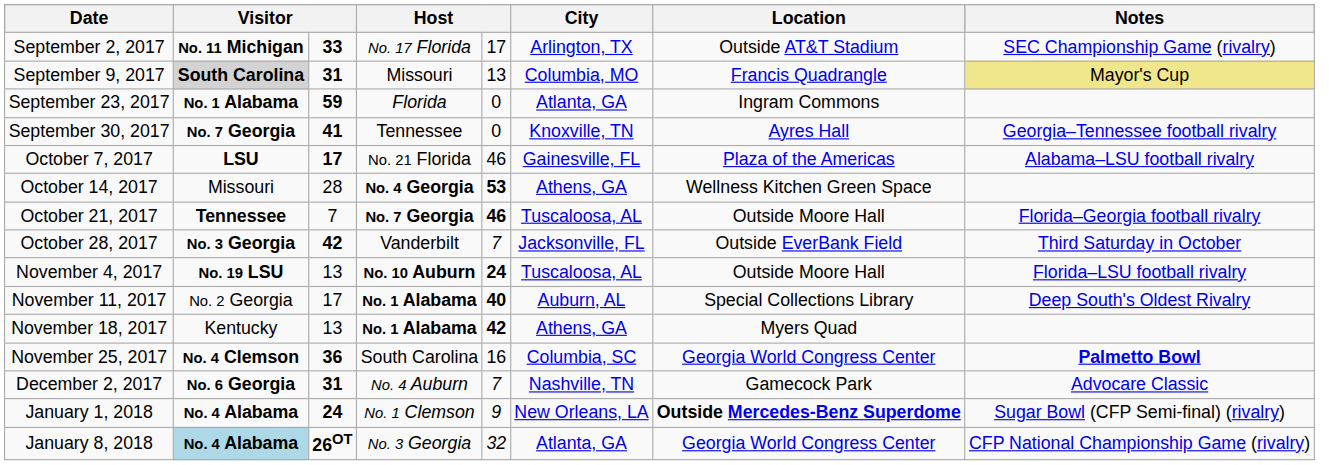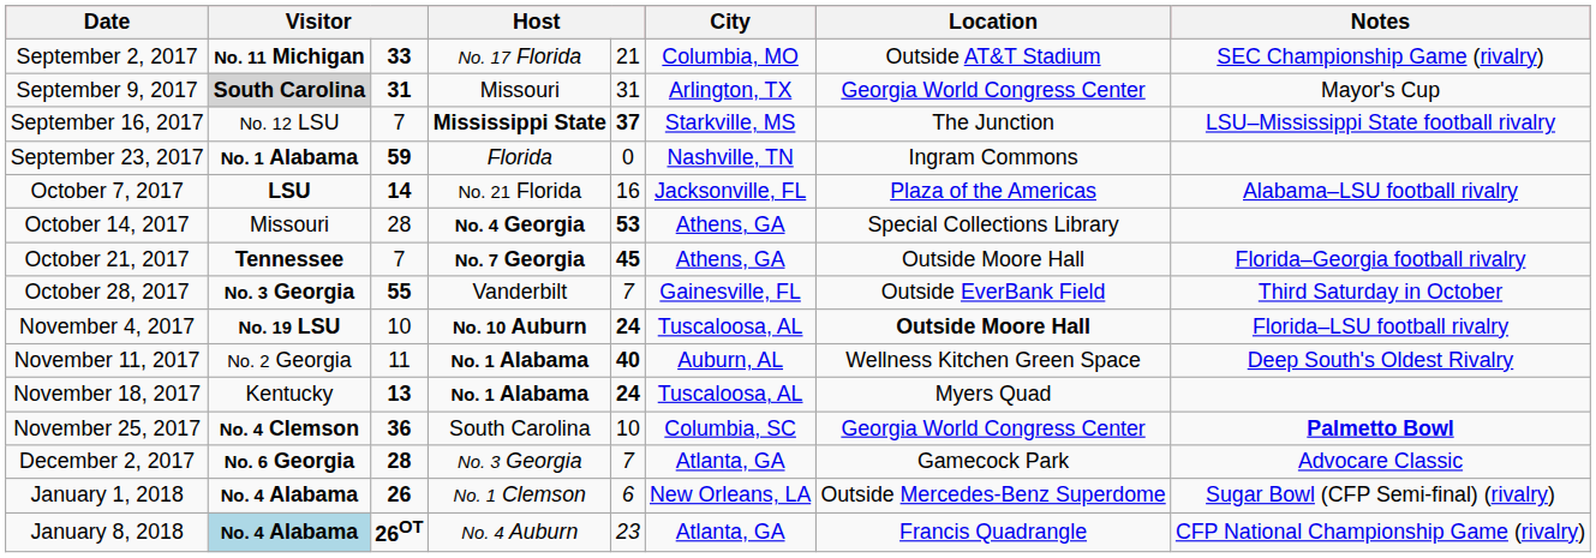 <table class="wikitable" style="text-align:center">
 <tr style="background:#A32638;"|>
 <th>Date</th>
 <th colspan=2>Visitor</th>
 <th colspan=2>Host</th>
 <th>City</th>
 <th>Location</th>
 <th>Notes</th>
 </tr>
 <tr>
 <td>September 2, 2017</td>
 <td><strong><small>No. 11</small> Michigan</strong></td>
 <td><strong>33</strong></td>
 <td><em><small>No. 17</small> Florida</em></td>
-<td>17</td>
-<td><a href='#'>Arlington, TX</a></td>
+<td>21</td>
+<td><a href='#'>Columbia, MO</a></td>
 <td>Outside <a href='#'>AT&T Stadium</a></td>
 <td><a href='#'>SEC Championship Game</a> (<a href='#'>rivalry</a>)</td>
 </tr>
 <tr>
 <td>September 9, 2017</td>
 <td style="background: lightgrey;"><strong>South Carolina</strong></td>
 <td><strong>31</strong></td>
 <td>Missouri</td>
-<td>13</td>
-<td><a href='#'>Columbia, MO</a></td>
-<td><a href='#'>Francis Quadrangle</a></td>
-<td style="background: khaki;">Mayor's Cup</td>
+<td>31</td>
+<td><a href='#'>Arlington, TX</a></td>
+<td><a href='#'>Georgia World Congress Center</a></td>
+<td>Mayor's Cup</td>
+</tr>
+<tr>
+<td>September 16, 2017</td>
+<td><small>No. 12</small> LSU</td>
+<td>7</td>
+<td><strong>Mississippi State</strong></td>
+<td><strong>37</strong></td>
+<td><a href='#'>Starkville, MS</a></td>
+<td>The Junction</td>
+<td><a href='#'>LSU–Mississippi State football rivalry</a></td>
 </tr>
 <tr>
 <td>September 23, 2017</td>
 <td><strong><small>No. 1</small> Alabama</strong></td>
 <td><strong>59</strong></td>
 <td><em>Florida</em></td>
 <td>0</td>
-<td><a href='#'>Atlanta, GA</a></td>
+<td><a href='#'>Nashville, TN</a></td>
 <td>Ingram Commons</td>
 <td></td>
 </tr>
 <tr>
-<td>September 30, 2017</td>
-<td><strong><small>No. 7</small> Georgia</strong></td>
-<td><strong>41</strong></td>
-<td>Tennessee</td>
-<td>0</td>
-<td><a href='#'>Knoxville, TN</a></td>
-<td><a href='#'>Ayres Hall</a></td>
-<td><a href='#'>Georgia–Tennessee football rivalry</a></td>
-</tr>
-<tr>
 <td>October 7, 2017</td>
 <td><strong>LSU</strong></td>
-<td><strong>17</strong></td>
+<td><strong>14</strong></td>
 <td><small>No. 21</small> Florida</td>
-<td>46</td>
-<td><a href='#'>Gainesville, FL</a></td>
+<td>16</td>
+<td><a href='#'>Jacksonville, FL</a></td>
 <td><a href='#'>Plaza of the Americas</a></td>
 <td><a href='#'>Alabama–LSU football rivalry</a></td>
 </tr>
 <tr>
 <td>October 14, 2017</td>
 <td>Missouri</td>
 <td>28</td>
 <td><strong><small>No. 4</small> Georgia</strong></td>
 <td><strong>53</strong></td>
 <td><a href='#'>Athens, GA</a></td>
-<td>Wellness Kitchen Green Space</td>
+<td>Special Collections Library</td>
 <td></td>
 </tr>
 <tr>
 <td>October 21, 2017</td>
 <td><strong>Tennessee</strong></td>
 <td>7</td>
 <td><strong><small>No. 7</small> Georgia</strong></td>
-<td><strong>46</strong></td>
-<td><a href='#'>Tuscaloosa, AL</a></td>
+<td><strong>45</strong></td>
+<td><a href='#'>Athens, GA</a></td>
 <td>Outside Moore Hall</td>
 <td><a href='#'>Florida–Georgia football rivalry</a></td>
 </tr>
 <tr>
 <td>October 28, 2017</td>
 <td><strong><small>No. 3</small> Georgia</strong></td>
-<td><strong>42</strong></td>
+<td><strong>55</strong></td>
 <td>Vanderbilt</td>
 <td><em>7</em></td>
-<td><a href='#'>Jacksonville, FL</a></td>
+<td><a href='#'>Gainesville, FL</a></td>
 <td>Outside <a href='#'>EverBank Field</a></td>
 <td><a href='#'>Third Saturday in October</a></td>
 </tr>
 <tr>
 <td>November 4, 2017</td>
 <td><strong><small>No. 19</small> LSU</strong></td>
-<td>13</td>
+<td>10</td>
 <td><strong><small>No. 10</small> Auburn</strong></td>
 <td><strong>24</strong></td>
 <td><a href='#'>Tuscaloosa, AL</a></td>
-<td>Outside Moore Hall</td>
+<td><strong>Outside Moore Hall</strong></td>
 <td><a href='#'>Florida–LSU football rivalry</a></td>
 </tr>
 <tr>
 <td>November 11, 2017</td>
 <td><small>No. 2</small> Georgia</td>
-<td>17</td>
+<td>11</td>
 <td><strong><small>No. 1</small> Alabama</strong></td>
 <td><strong>40</strong></td>
 <td><a href='#'>Auburn, AL</a></td>
-<td>Special Collections Library</td>
+<td>Wellness Kitchen Green Space</td>
 <td><a href='#'>Deep South's Oldest Rivalry</a></td>
 </tr>
 <tr>
 <td>November 18, 2017</td>
 <td>Kentucky</td>
-<td>13</td>
+<td><strong>13</strong></td>
 <td><strong><small>No. 1</small> Alabama</strong></td>
-<td><strong>42</strong></td>
-<td><a href='#'>Athens, GA</a></td>
+<td><strong>24</strong></td>
+<td><a href='#'>Tuscaloosa, AL</a></td>
 <td>Myers Quad</td>
 <td></td>
 </tr>
 <tr>
 <td>November 25, 2017</td>
 <td><strong><small>No. 4</small> Clemson</strong></td>
 <td><strong>36</strong></td>
 <td>South Carolina</td>
-<td>16</td>
+<td>10</td>
 <td><a href='#'>Columbia, SC</a></td>
 <td><a href='#'>Georgia World Congress Center</a></td>
 <td><strong><a href='#'>Palmetto Bowl</a></strong></td>
 </tr>
 <tr>
 <td>December 2, 2017</td>
 <td><strong><small>No. 6</small> Georgia</strong></td>
-<td><strong>31</strong></td>
-<td><em><small>No. 4</small> Auburn</em></td>
+<td><strong>28</strong></td>
+<td><em><small>No. 3</small> Georgia</em></td>
 <td><em>7</em></td>
-<td><a href='#'>Nashville, TN</a></td>
+<td><a href='#'>Atlanta, GA</a></td>
 <td>Gamecock Park</td>
 <td><a href='#'>Advocare Classic</a></td>
 </tr>
 <tr>
 <td>January 1, 2018</td>
 <td><strong><small>No. 4</small> Alabama</strong></td>
-<td><strong>24</strong></td>
+<td><strong>26</strong></td>
 <td><em><small>No. 1</small> Clemson</em></td>
-<td><em>9</em></td>
+<td><em>6</em></td>
 <td><a href='#'>New Orleans, LA</a></td>
-<td><strong>Outside <a href='#'>Mercedes-Benz Superdome</a></strong></td>
+<td>Outside <a href='#'>Mercedes-Benz Superdome</a></td>
 <td><a href='#'>Sugar Bowl</a> (CFP Semi-final) (<a href='#'>rivalry</a>)</td>
 </tr>
 <tr>
 <td>January 8, 2018</td>
 <td style="background: lightblue;"><strong><small>No. 4</small> Alabama</strong></td>
 <td><strong>26<sup>OT</sup></strong></td>
-<td><em><small>No. 3</small> Georgia</em></td>
-<td><em>32</em></td>
+<td><em><small>No. 4</small> Auburn</em></td>
+<td><em>23</em></td>
 <td><a href='#'>Atlanta, GA</a></td>
-<td><a href='#'>Georgia World Congress Center</a></td>
+<td><a href='#'>Francis Quadrangle</a></td>
 <td><a href='#'>CFP National Championship Game</a> (<a href='#'>rivalry</a>)</td>
 </tr>
 </table>
